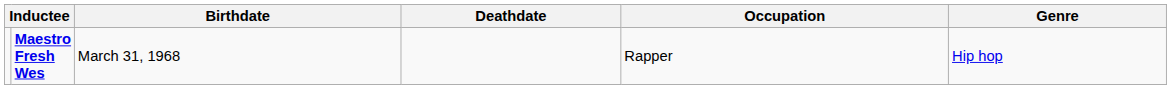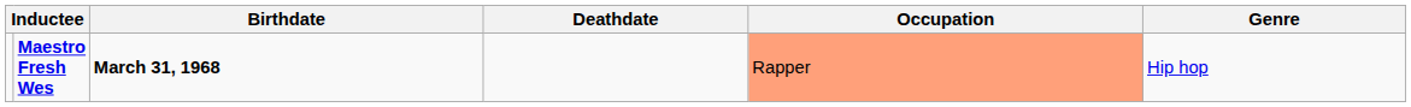 <table class="wikitable" width="100%">
 <tr>
 <th colspan=2>Inductee</th>
 <th width="30%">Birthdate</th>
 <th width="20%">Deathdate</th>
 <th width="30%">Occupation</th>
 <th width="50%">Genre</th>
 </tr>
 <tr>
 <td></td>
 <td><strong><a href='#'>Maestro Fresh Wes</a></strong></td>
-<td>March 31, 1968</td>
+<td><strong>March 31, 1968</strong></td>
 <td></td>
-<td>Rapper</td>
+<td style="background: lightsalmon;">Rapper</td>
 <td><a href='#'>Hip hop</a></td>
 </tr>
 </table>
